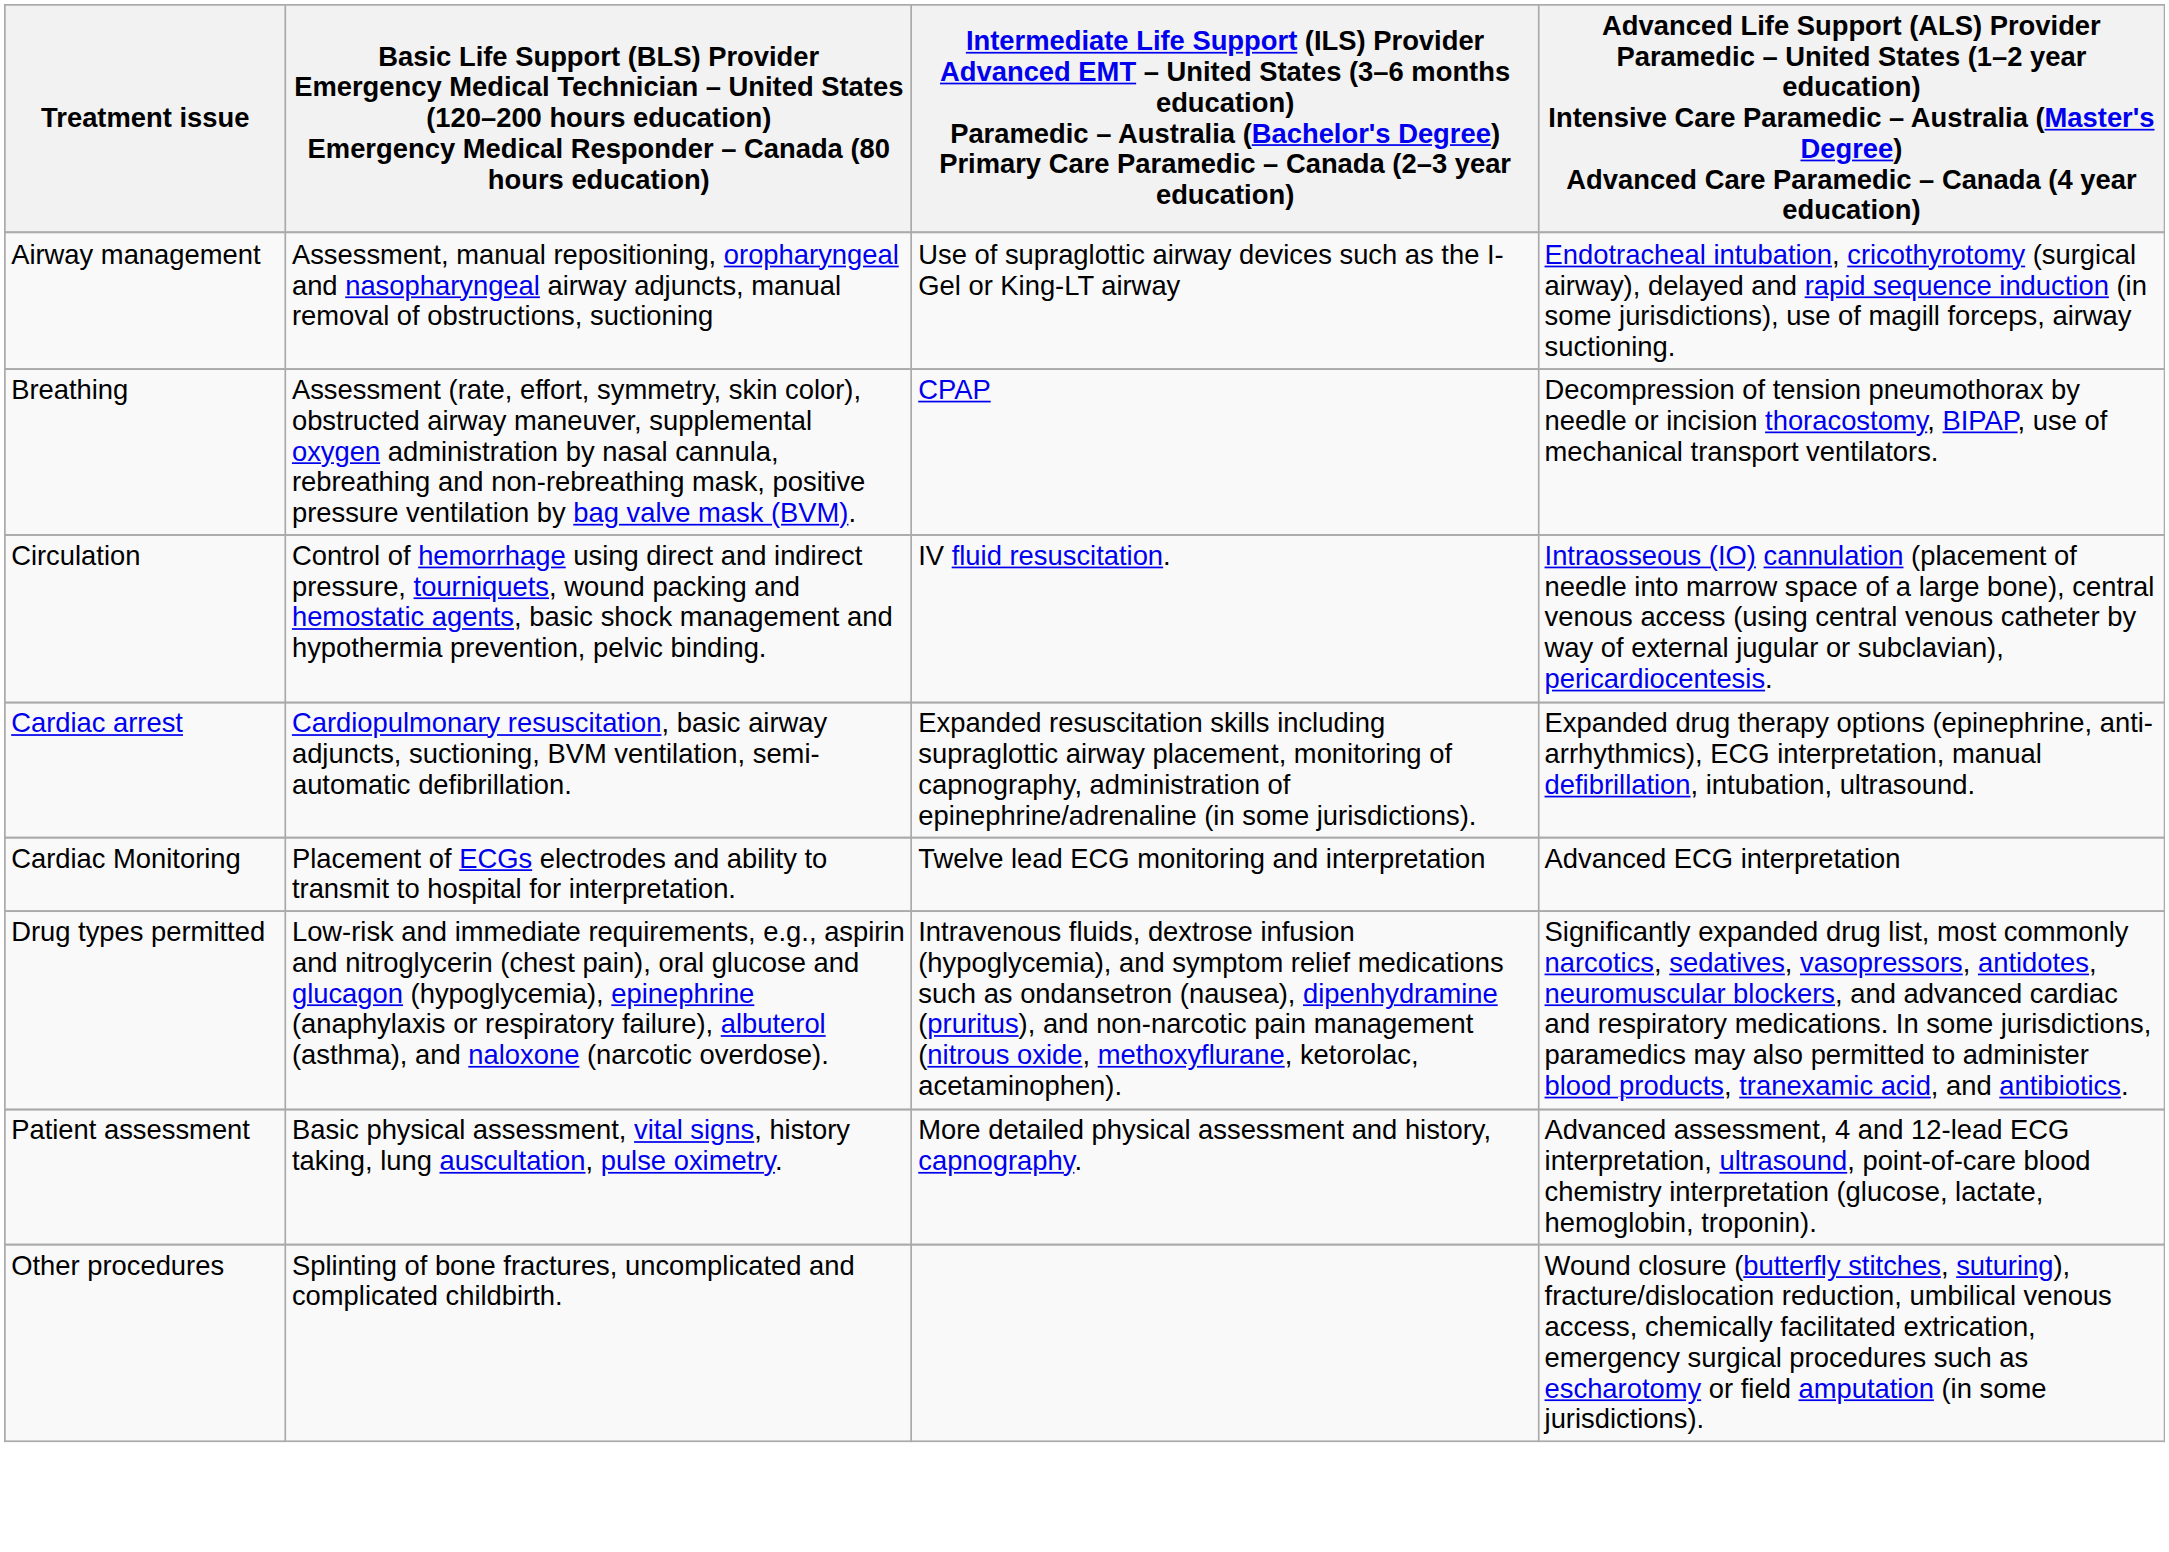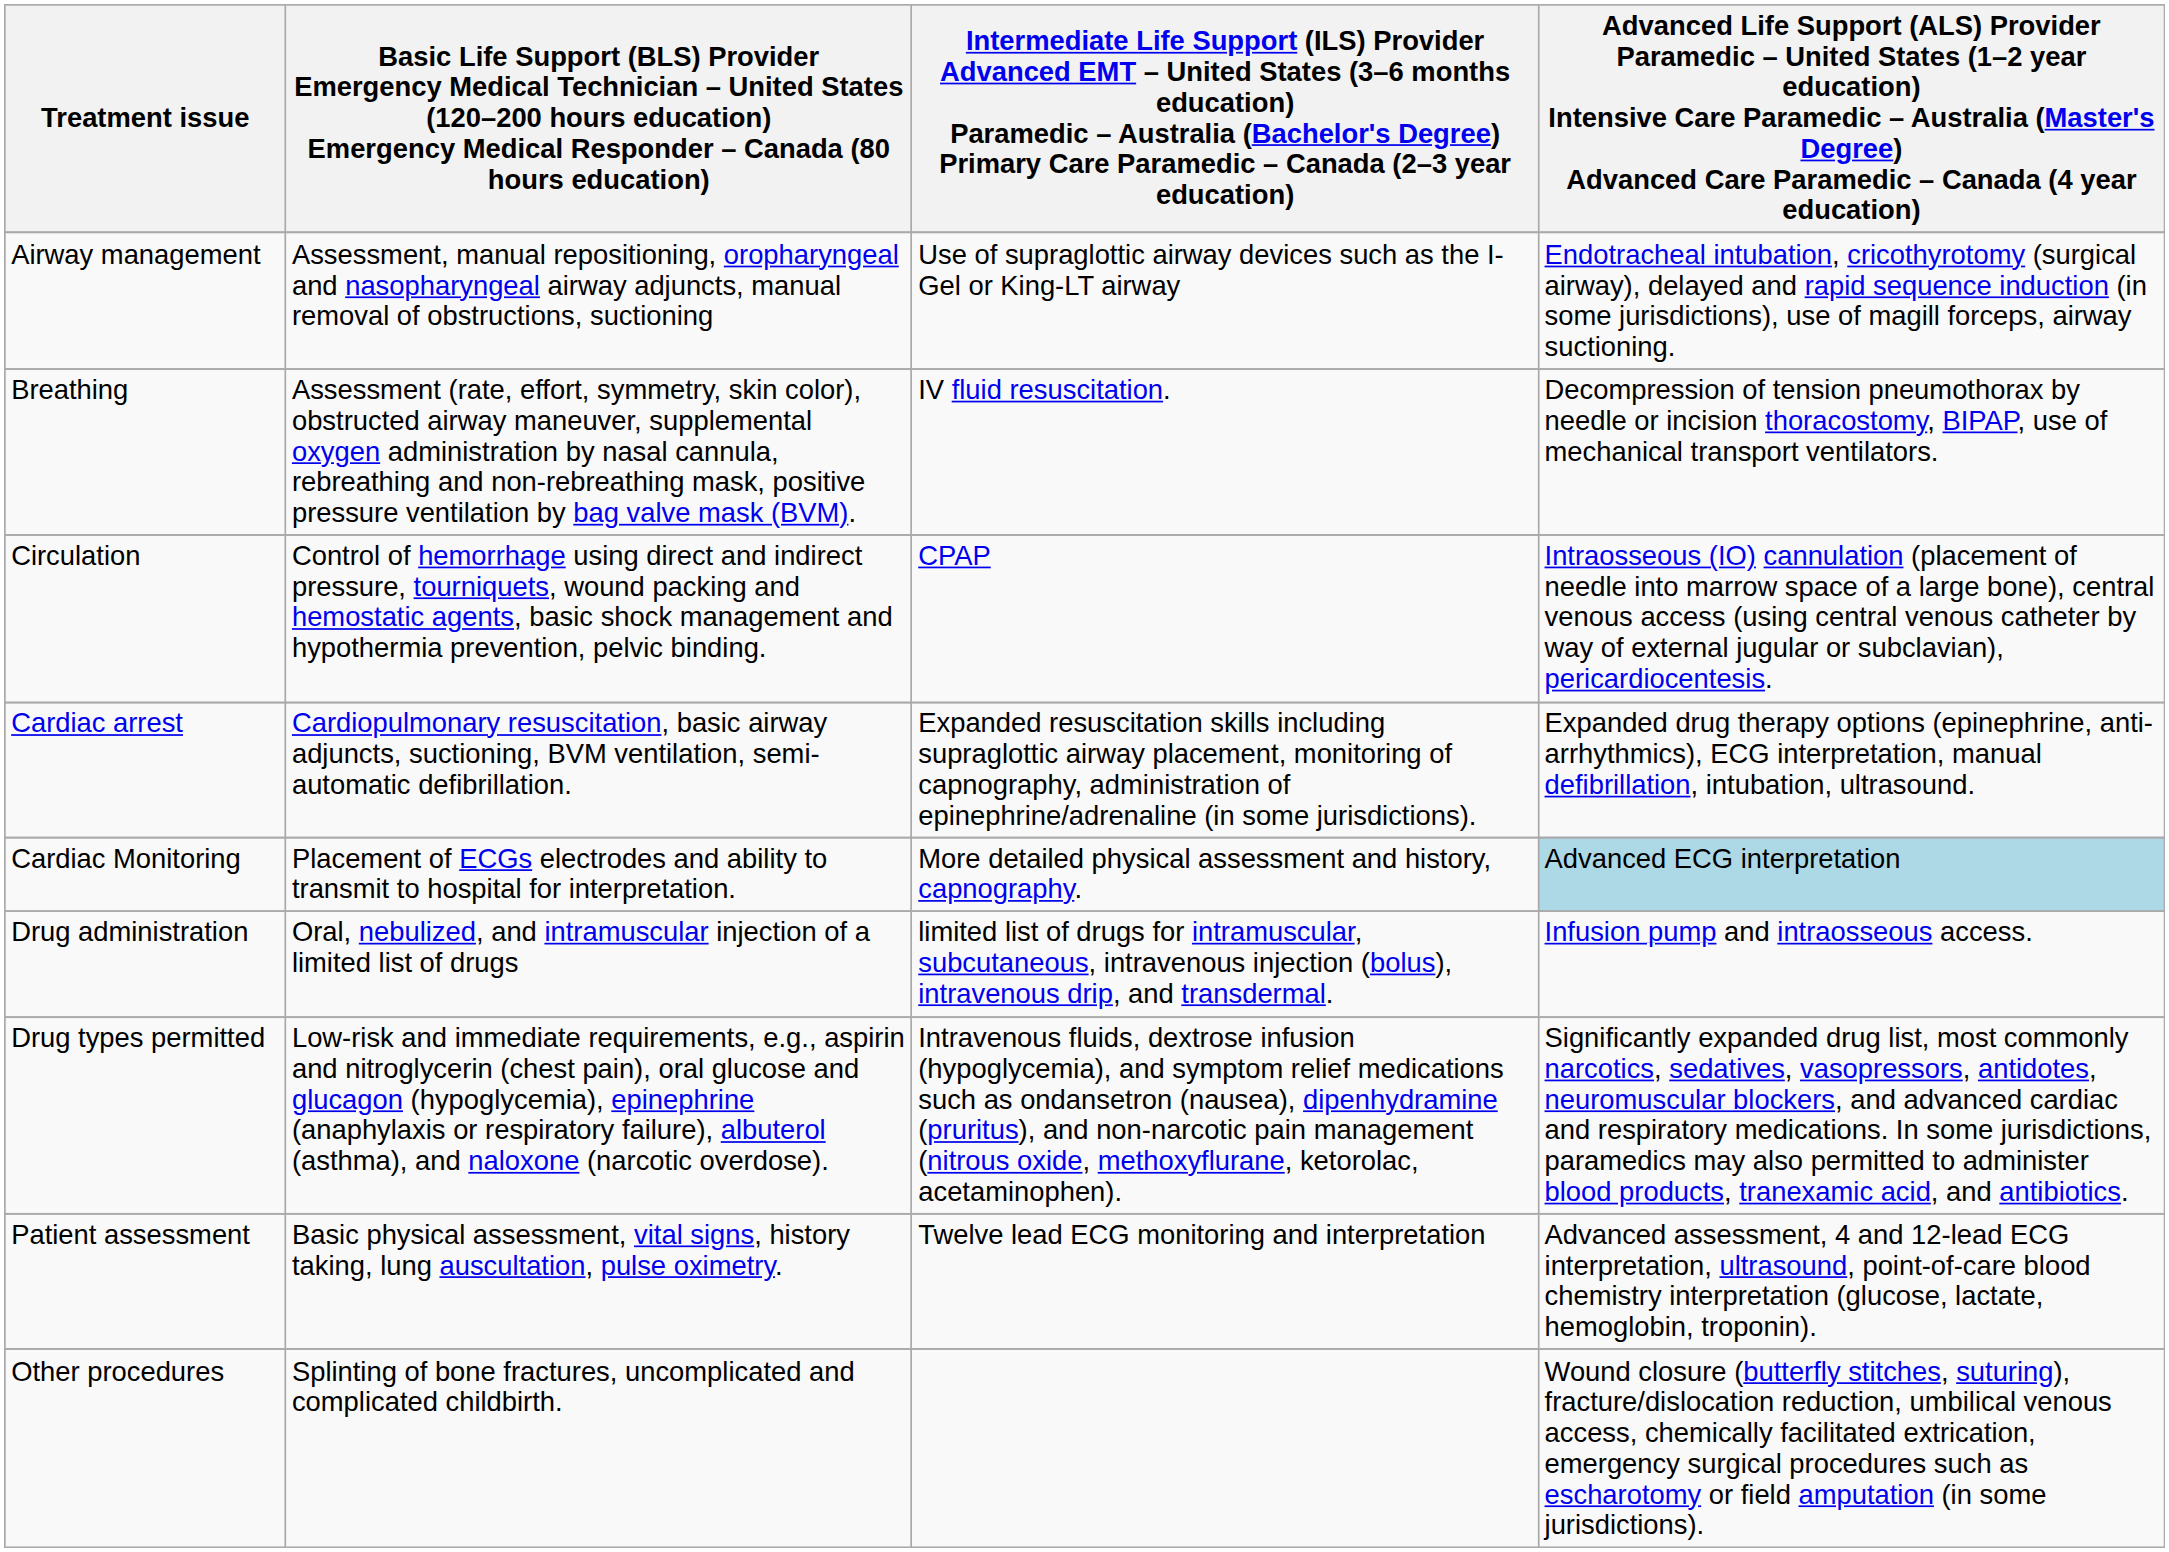 <table class="wikitable" | style="margin: 1em auto 1em auto; style="text-align: left">
 <tr>
 <th style="width:13%;">Treatment issue</th>
 <th style="width:29%;">Basic Life Support (BLS) Provider<br>Emergency Medical Technician – United States (120–200 hours education)<br>Emergency Medical Responder – Canada (80 hours education)</th>
 <th style="width:29%;"><a href='#'>Intermediate Life Support</a> (ILS) Provider<br><a href='#'>Advanced EMT</a> – United States (3–6 months education)<br>Paramedic – Australia (<a href='#'>Bachelor's Degree</a>)<br>Primary Care Paramedic – Canada (2–3 year education)</th>
 <th style="width:29%;">Advanced Life Support (ALS) Provider<br>Paramedic – United States (1–2 year education)<br>Intensive Care Paramedic – Australia  (<a href='#'>Master's Degree</a>)<br>Advanced Care Paramedic – Canada  (4 year education)</th>
 </tr>
 <tr>
 </tr>
 <tr valign="top">
 <td>Airway management</td>
 <td>Assessment, manual repositioning, <a href='#'>oropharyngeal</a> and <a href='#'>nasopharyngeal</a> airway adjuncts, manual removal of obstructions, suctioning</td>
 <td>Use of supraglottic airway devices such as the I-Gel or King-LT airway</td>
 <td><a href='#'>Endotracheal intubation</a>, <a href='#'>cricothyrotomy</a> (surgical airway), delayed and <a href='#'>rapid sequence induction</a> (in some jurisdictions), use of magill forceps, airway suctioning.</td>
 </tr>
 <tr>
 </tr>
 <tr valign="top">
 <td>Breathing</td>
 <td>Assessment (rate, effort, symmetry, skin color), obstructed airway maneuver, supplemental <a href='#'>oxygen</a> administration by nasal cannula, rebreathing and non-rebreathing mask, positive pressure ventilation by <a href='#'>bag valve mask (BVM)</a>.</td>
-<td><a href='#'>CPAP</a></td>
+<td>IV <a href='#'>fluid resuscitation</a>.</td>
 <td>Decompression of tension pneumothorax by needle or incision <a href='#'>thoracostomy</a>, <a href='#'>BIPAP</a>, use of mechanical transport ventilators.</td>
 </tr>
 <tr>
 </tr>
 <tr valign="top">
 <td>Circulation</td>
 <td>Control of <a href='#'>hemorrhage</a> using direct and indirect pressure, <a href='#'>tourniquets</a>, wound packing and <a href='#'>hemostatic agents</a>, basic shock management and hypothermia prevention, pelvic binding.</td>
-<td>IV <a href='#'>fluid resuscitation</a>.</td>
+<td><a href='#'>CPAP</a></td>
 <td><a href='#'>Intraosseous (IO)</a> <a href='#'>cannulation</a> (placement of needle into marrow space of a large bone), central venous access (using central venous catheter by way of external jugular or subclavian), <a href='#'>pericardiocentesis</a>.</td>
 </tr>
 <tr>
 </tr>
 <tr valign="top">
 <td><a href='#'>Cardiac arrest</a></td>
 <td><a href='#'>Cardiopulmonary resuscitation</a>, basic airway adjuncts, suctioning, BVM ventilation, semi-automatic defibrillation.</td>
 <td>Expanded resuscitation skills including supraglottic airway placement, monitoring of capnography, administration of epinephrine/adrenaline (in some jurisdictions).</td>
 <td>Expanded drug therapy options (epinephrine, anti-arrhythmics), ECG interpretation, manual <a href='#'>defibrillation</a>, intubation, ultrasound.</td>
 </tr>
 <tr>
 </tr>
 <tr valign="top">
 <td>Cardiac Monitoring</td>
 <td>Placement of <a href='#'>ECGs</a> electrodes and ability to transmit to hospital for interpretation.</td>
-<td>Twelve lead ECG monitoring and interpretation</td>
-<td>Advanced ECG interpretation</td>
+<td>More detailed physical assessment and history, <a href='#'>capnography</a>.</td>
+<td style="background: lightblue;">Advanced ECG interpretation</td>
 </tr>
 <tr>
+</tr>
+<tr valign="top">
+<td>Drug administration</td>
+<td>Oral, <a href='#'>nebulized</a>, and <a href='#'>intramuscular</a> injection of a limited list of drugs</td>
+<td>limited list of drugs for <a href='#'>intramuscular</a>, <a href='#'>subcutaneous</a>, intravenous injection (<a href='#'>bolus</a>), <a href='#'>intravenous drip</a>, and <a href='#'>transdermal</a>.</td>
+<td><a href='#'>Infusion pump</a> and <a href='#'>intraosseous</a> access.</td>
 </tr>
 <tr>
 </tr>
 <tr valign="top">
 <td>Drug types permitted</td>
 <td>Low-risk and immediate requirements, e.g., aspirin and nitroglycerin (chest pain), oral glucose and <a href='#'>glucagon</a> (hypoglycemia), <a href='#'>epinephrine</a> (anaphylaxis or respiratory failure), <a href='#'>albuterol</a> (asthma), and <a href='#'>naloxone</a> (narcotic overdose).</td>
 <td>Intravenous fluids, dextrose infusion (hypoglycemia), and symptom relief medications such as ondansetron (nausea), <a href='#'>dipenhydramine</a> (<a href='#'>pruritus</a>), and non-narcotic pain management (<a href='#'>nitrous oxide</a>, <a href='#'>methoxyflurane</a>, ketorolac, acetaminophen).</td>
 <td>Significantly expanded drug list, most commonly <a href='#'>narcotics</a>, <a href='#'>sedatives</a>, <a href='#'>vasopressors</a>, <a href='#'>antidotes</a>, <a href='#'>neuromuscular blockers</a>, and advanced cardiac and respiratory medications. In some jurisdictions, paramedics may also permitted to administer <a href='#'>blood products</a>, <a href='#'>tranexamic acid</a>, and <a href='#'>antibiotics</a>.</td>
 </tr>
 <tr>
 </tr>
 <tr valign="top">
 <td>Patient assessment</td>
 <td>Basic physical assessment, <a href='#'>vital signs</a>, history taking, lung <a href='#'>auscultation</a>, <a href='#'>pulse oximetry</a>.</td>
-<td>More detailed physical assessment and history, <a href='#'>capnography</a>.</td>
+<td>Twelve lead ECG monitoring and interpretation</td>
 <td>Advanced assessment, 4 and 12-lead ECG interpretation, <a href='#'>ultrasound</a>, point-of-care blood chemistry interpretation (glucose, lactate, hemoglobin, troponin).</td>
 </tr>
 <tr>
 </tr>
 <tr valign="top">
 <td>Other procedures</td>
 <td>Splinting of bone fractures, uncomplicated and complicated childbirth.</td>
 <td></td>
 <td>Wound closure (<a href='#'>butterfly stitches</a>, <a href='#'>suturing</a>), fracture/dislocation reduction, umbilical venous access, chemically facilitated extrication, emergency surgical procedures such as <a href='#'>escharotomy</a> or field <a href='#'>amputation</a> (in some jurisdictions).</td>
 </tr>
 </table>
